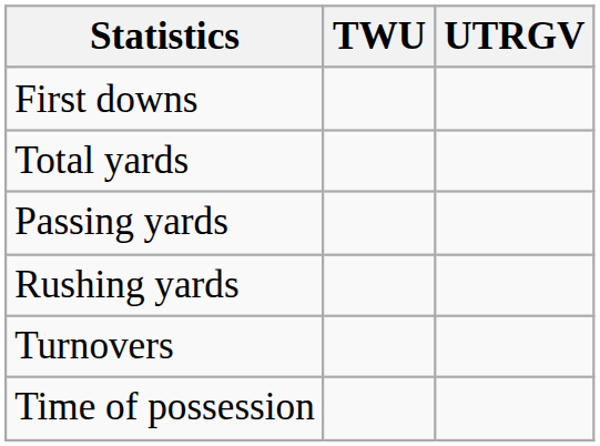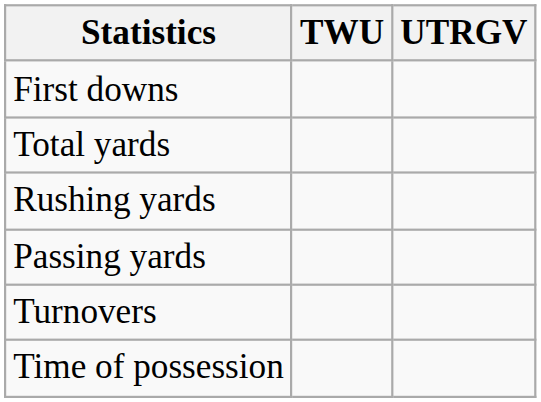 <table class="wikitable" style="float:left">
 <tr>
 <th>Statistics</th>
 <th>TWU</th>
 <th>UTRGV</th>
 </tr>
 <tr>
 <td>First downs</td>
 <td></td>
 <td></td>
 </tr>
 <tr>
 <td>Total yards</td>
 <td></td>
 <td></td>
 </tr>
 <tr>
-<td>Passing yards</td>
+<td>Rushing yards</td>
 <td></td>
 <td></td>
 </tr>
 <tr>
-<td>Rushing yards</td>
+<td>Passing yards</td>
 <td></td>
 <td></td>
 </tr>
 <tr>
 <td>Turnovers</td>
 <td></td>
 <td></td>
 </tr>
 <tr>
 <td>Time of possession</td>
 <td></td>
 <td></td>
 </tr>
 </table>
